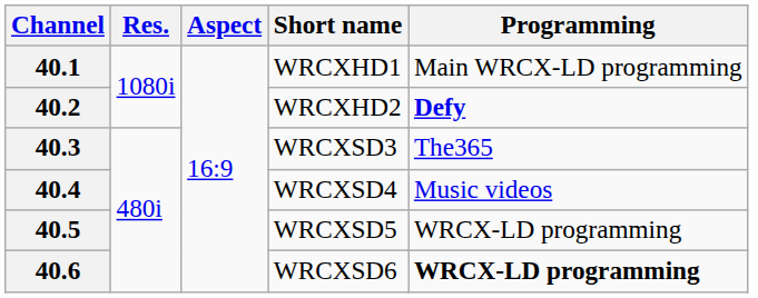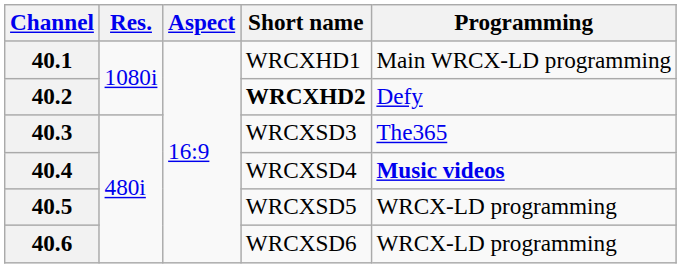 <table class="wikitable">
 <tr>
 <th scope = "col"><a href='#'>Channel</a></th>
 <th scope = "col"><a href='#'>Res.</a></th>
 <th scope = "col"><a href='#'>Aspect</a></th>
 <th scope = "col">Short name</th>
 <th scope = "col">Programming</th>
 </tr>
 <tr>
 <th scope = "row">40.1</th>
 <td rowspan=2><a href='#'>1080i</a></td>
 <td rowspan=6><a href='#'>16:9</a></td>
 <td>WRCXHD1</td>
 <td>Main WRCX-LD programming</td>
 </tr>
 <tr>
 <th scope = "row">40.2</th>
-<td>WRCXHD2</td>
-<td><strong><a href='#'>Defy</a></strong></td>
+<td><strong>WRCXHD2</strong></td>
+<td><a href='#'>Defy</a></td>
 </tr>
 <tr>
 <th scope = "row">40.3</th>
 <td rowspan=4><a href='#'>480i</a></td>
 <td>WRCXSD3</td>
 <td><a href='#'>The365</a></td>
 </tr>
 <tr>
 <th scope = "row">40.4</th>
 <td>WRCXSD4</td>
-<td><a href='#'>Music videos</a></td>
+<td><strong><a href='#'>Music videos</a></strong></td>
 </tr>
 <tr>
 <th scope = "row">40.5</th>
 <td>WRCXSD5</td>
 <td>WRCX-LD programming</td>
 </tr>
 <tr>
 <th scope = "row">40.6</th>
 <td>WRCXSD6</td>
-<td><strong>WRCX-LD programming</strong></td>
+<td>WRCX-LD programming</td>
 </tr>
 </table>
